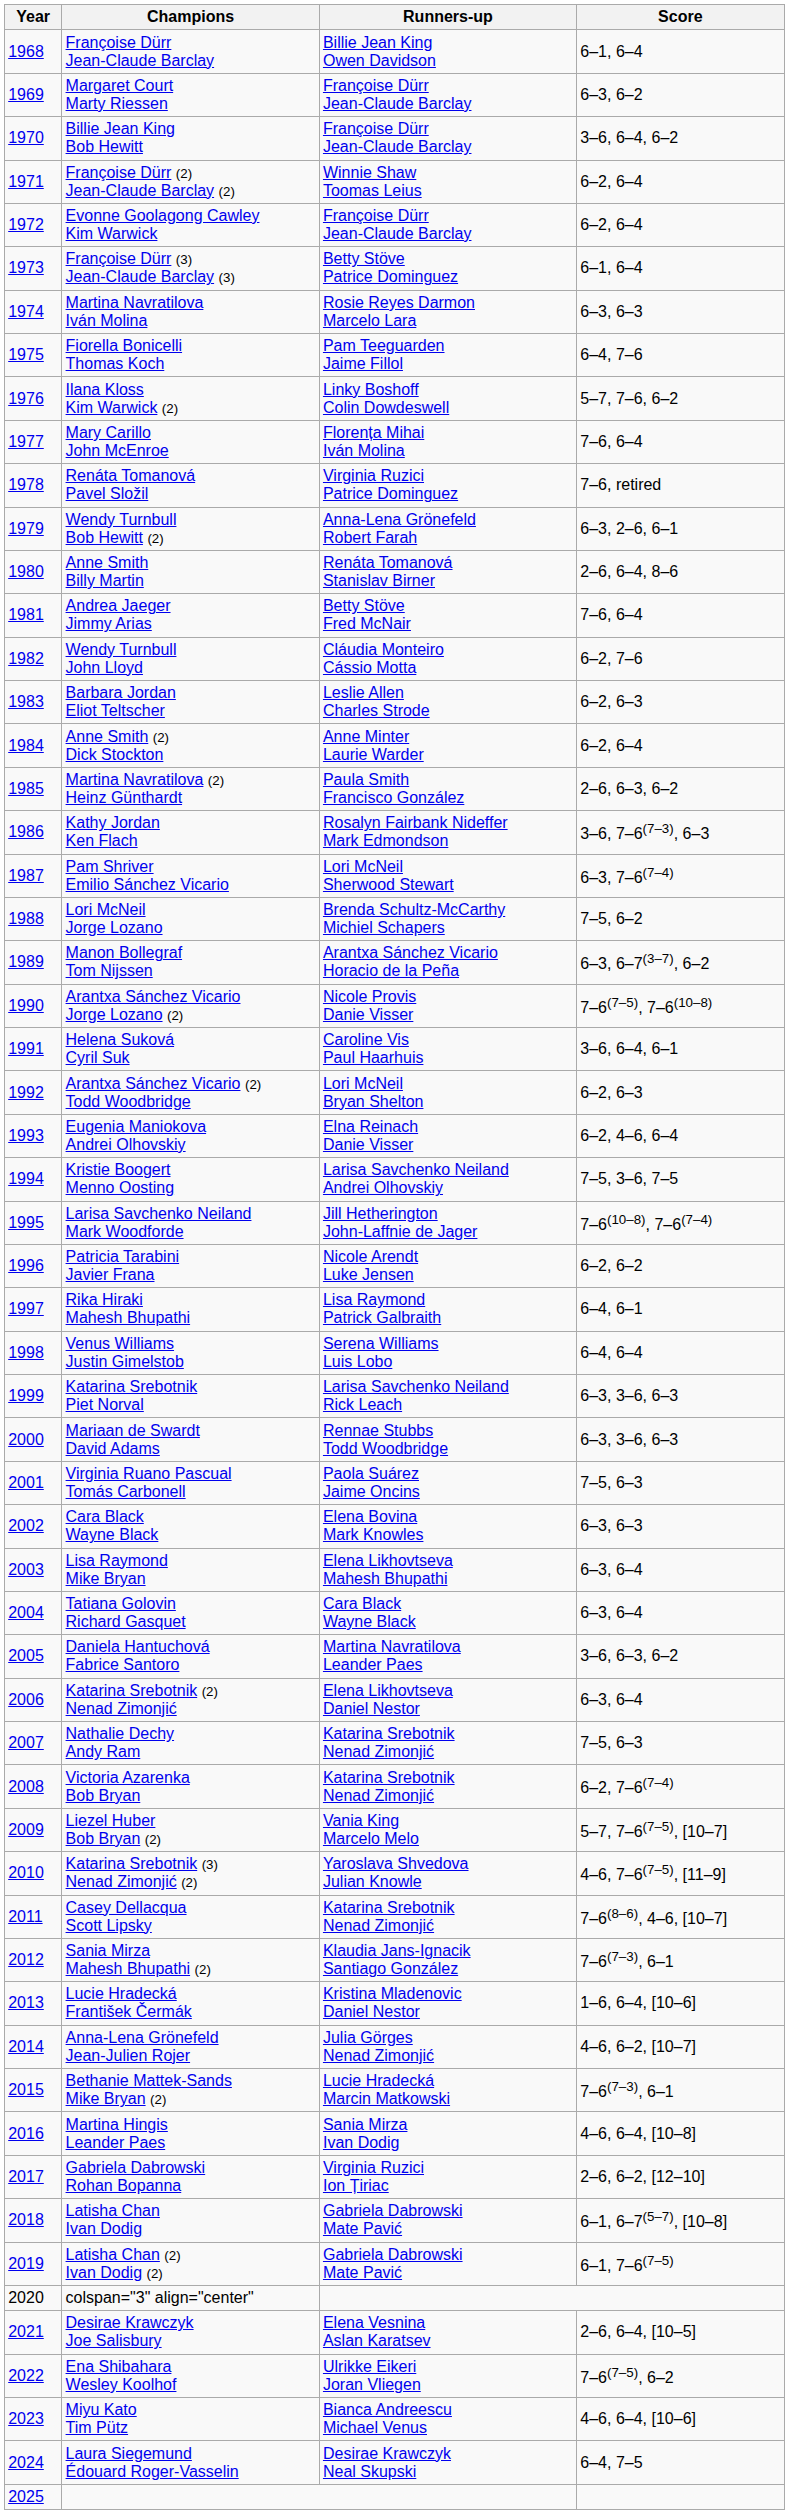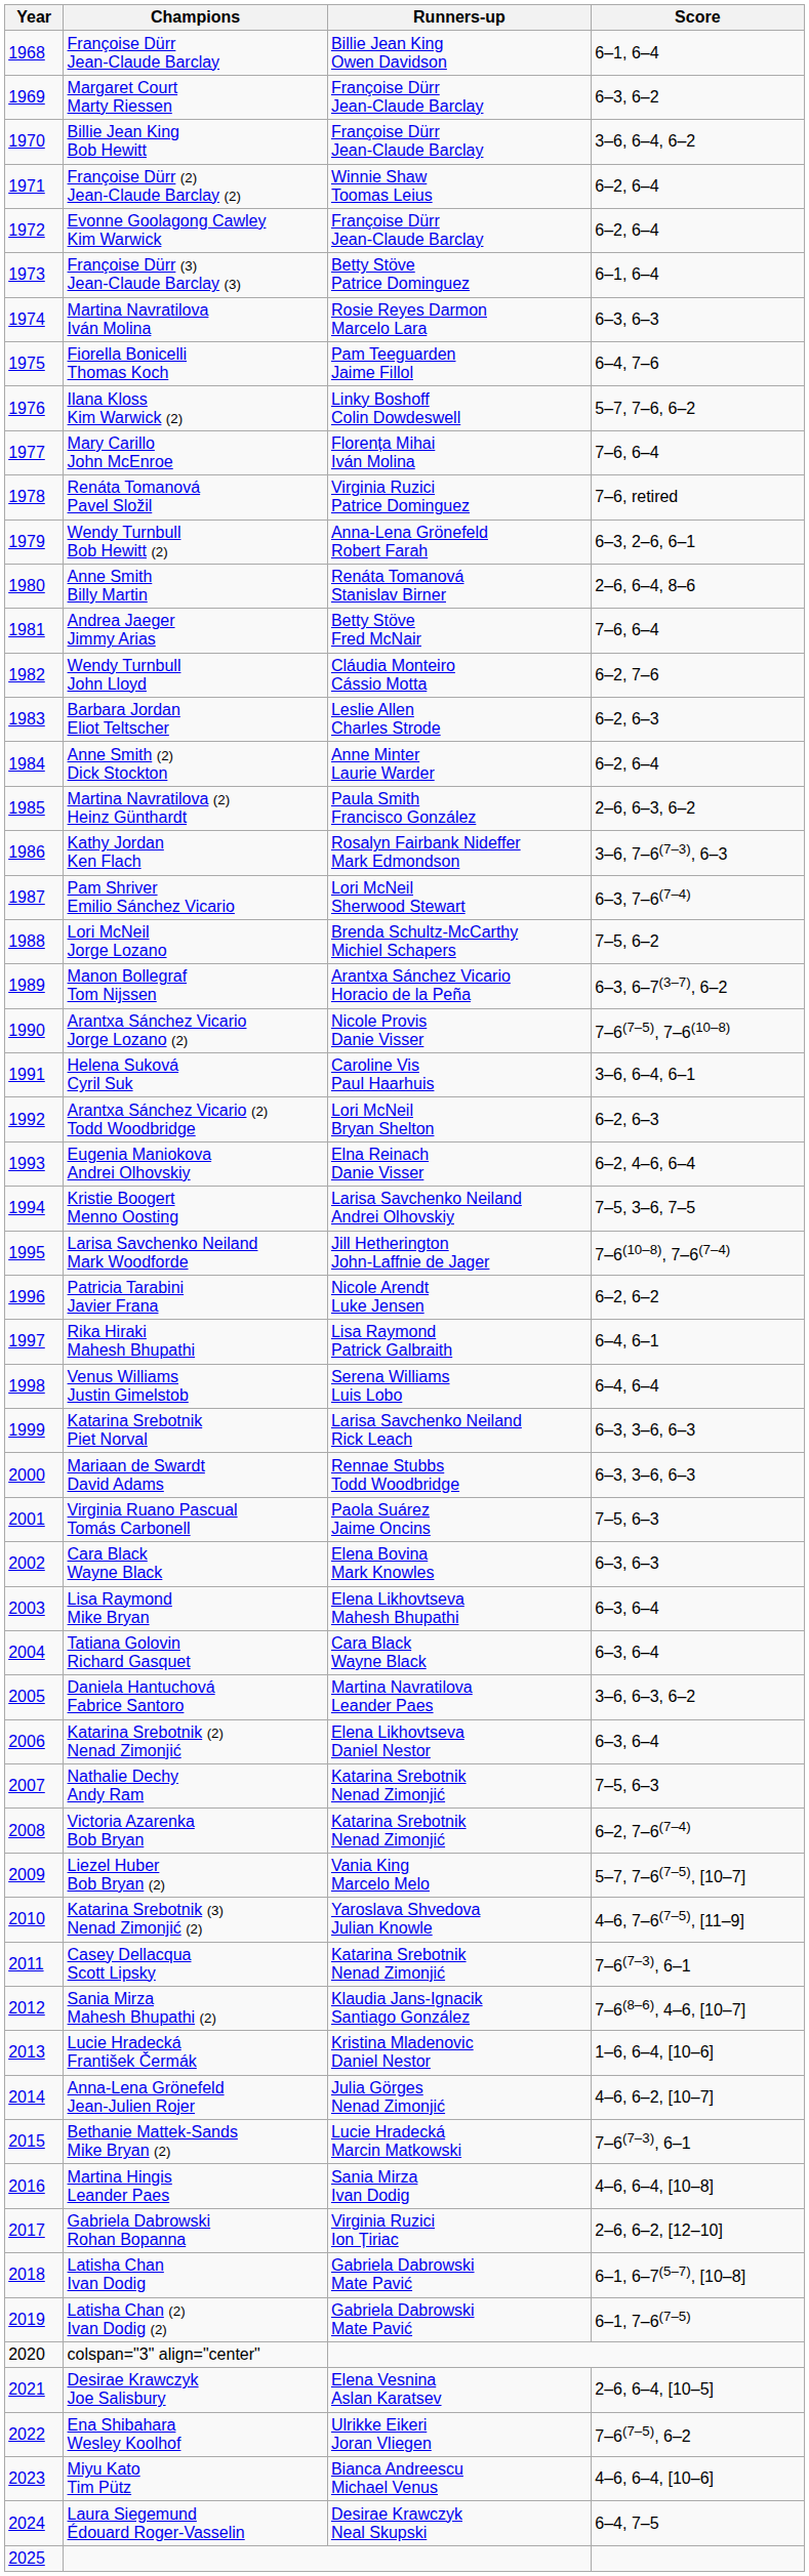 <table class="wikitable sortable">
 <tr>
 <th width=50>Year</th>
 <th width="250">Champions</th>
 <th width="250">Runners-up</th>
 <th width="200" class=unsortable>Score</th>
 </tr>
 <tr>
 <td><a href='#'>1968</a></td>
 <td> <a href='#'>Françoise Dürr</a> <br>  <a href='#'>Jean-Claude Barclay</a></td>
 <td> <a href='#'>Billie Jean King</a> <br>  <a href='#'>Owen Davidson</a></td>
 <td>6–1, 6–4</td>
 </tr>
 <tr>
 <td><a href='#'>1969</a></td>
 <td> <a href='#'>Margaret Court</a> <br>  <a href='#'>Marty Riessen</a></td>
 <td> <a href='#'>Françoise Dürr</a> <br>  <a href='#'>Jean-Claude Barclay</a></td>
 <td>6–3, 6–2</td>
 </tr>
 <tr>
 <td><a href='#'>1970</a></td>
 <td> <a href='#'>Billie Jean King</a> <br>  <a href='#'>Bob Hewitt</a></td>
 <td> <a href='#'>Françoise Dürr</a> <br>  <a href='#'>Jean-Claude Barclay</a></td>
 <td>3–6, 6–4, 6–2</td>
 </tr>
 <tr>
 <td><a href='#'>1971</a></td>
 <td> <a href='#'>Françoise Dürr</a> <small>(2)</small> <br>  <a href='#'>Jean-Claude Barclay</a> <small>(2)</small></td>
 <td>   <a href='#'>Winnie Shaw</a> <br>  <a href='#'>Toomas Leius</a></td>
 <td>6–2, 6–4</td>
 </tr>
 <tr>
 <td><a href='#'>1972</a></td>
 <td> <a href='#'>Evonne Goolagong Cawley</a> <br>  <a href='#'>Kim Warwick</a></td>
 <td> <a href='#'>Françoise Dürr</a> <br>  <a href='#'>Jean-Claude Barclay</a></td>
 <td>6–2, 6–4</td>
 </tr>
 <tr>
 <td><a href='#'>1973</a></td>
 <td> <a href='#'>Françoise Dürr</a> <small>(3)</small> <br>  <a href='#'>Jean-Claude Barclay</a> <small>(3)</small></td>
 <td>  <a href='#'>Betty Stöve</a> <br>  <a href='#'>Patrice Dominguez</a></td>
 <td>6–1, 6–4</td>
 </tr>
 <tr>
 <td><a href='#'>1974</a></td>
 <td> <a href='#'>Martina Navratilova</a> <br>  <a href='#'>Iván Molina</a></td>
 <td> <a href='#'>Rosie Reyes Darmon</a> <br>  <a href='#'>Marcelo Lara</a></td>
 <td>6–3, 6–3</td>
 </tr>
 <tr>
 <td><a href='#'>1975</a></td>
 <td> <a href='#'>Fiorella Bonicelli</a> <br>  <a href='#'>Thomas Koch</a></td>
 <td> <a href='#'>Pam Teeguarden</a> <br>  <a href='#'>Jaime Fillol</a></td>
 <td>6–4, 7–6</td>
 </tr>
 <tr>
 <td><a href='#'>1976</a></td>
 <td> <a href='#'>Ilana Kloss</a> <br>  <a href='#'>Kim Warwick</a> <small>(2)</small></td>
 <td> <a href='#'>Linky Boshoff</a> <br>   <a href='#'>Colin Dowdeswell</a></td>
 <td>5–7, 7–6, 6–2</td>
 </tr>
 <tr>
 <td><a href='#'>1977</a></td>
 <td> <a href='#'>Mary Carillo</a> <br>  <a href='#'>John McEnroe</a></td>
 <td> <a href='#'>Florența Mihai</a> <br>  <a href='#'>Iván Molina</a></td>
 <td>7–6, 6–4</td>
 </tr>
 <tr>
 <td><a href='#'>1978</a></td>
 <td> <a href='#'>Renáta Tomanová</a> <br>  <a href='#'>Pavel Složil</a></td>
 <td> <a href='#'>Virginia Ruzici</a> <br>  <a href='#'>Patrice Dominguez</a></td>
 <td>7–6, retired</td>
 </tr>
 <tr>
 <td><a href='#'>1979</a></td>
 <td> <a href='#'>Wendy Turnbull</a> <br>  <a href='#'>Bob Hewitt</a> <small>(2)</small></td>
 <td> <a href='#'>Anna-Lena Grönefeld</a><br> <a href='#'>Robert Farah</a></td>
 <td>6–3, 2–6, 6–1</td>
 </tr>
 <tr>
 <td><a href='#'>1980</a></td>
 <td> <a href='#'>Anne Smith</a> <br>  <a href='#'>Billy Martin</a></td>
 <td> <a href='#'>Renáta Tomanová</a> <br>  <a href='#'>Stanislav Birner</a></td>
 <td>2–6, 6–4, 8–6</td>
 </tr>
 <tr>
 <td><a href='#'>1981</a></td>
 <td> <a href='#'>Andrea Jaeger</a> <br>  <a href='#'>Jimmy Arias</a></td>
 <td>  <a href='#'>Betty Stöve</a> <br>  <a href='#'>Fred McNair</a></td>
 <td>7–6, 6–4</td>
 </tr>
 <tr>
 <td><a href='#'>1982</a></td>
 <td> <a href='#'>Wendy Turnbull</a> <br>   <a href='#'>John Lloyd</a></td>
 <td> <a href='#'>Cláudia Monteiro</a> <br>  <a href='#'>Cássio Motta</a></td>
 <td>6–2, 7–6</td>
 </tr>
 <tr>
 <td><a href='#'>1983</a></td>
 <td> <a href='#'>Barbara Jordan</a> <br>  <a href='#'>Eliot Teltscher</a></td>
 <td> <a href='#'>Leslie Allen</a> <br>  <a href='#'>Charles Strode</a></td>
 <td>6–2, 6–3</td>
 </tr>
 <tr>
 <td><a href='#'>1984</a></td>
 <td> <a href='#'>Anne Smith</a> <small>(2)</small> <br>  <a href='#'>Dick Stockton</a></td>
 <td> <a href='#'>Anne Minter</a> <br>  <a href='#'>Laurie Warder</a></td>
 <td>6–2, 6–4</td>
 </tr>
 <tr>
 <td><a href='#'>1985</a></td>
 <td> <a href='#'>Martina Navratilova</a> <small>(2)</small> <br>  <a href='#'>Heinz Günthardt</a></td>
 <td> <a href='#'>Paula Smith</a> <br>  <a href='#'>Francisco González</a></td>
 <td>2–6, 6–3, 6–2</td>
 </tr>
 <tr>
 <td><a href='#'>1986</a></td>
 <td> <a href='#'>Kathy Jordan</a> <br>  <a href='#'>Ken Flach</a></td>
 <td> <a href='#'>Rosalyn Fairbank Nideffer</a> <br>  <a href='#'>Mark Edmondson</a></td>
 <td>3–6, 7–6<sup>(7–3)</sup>, 6–3</td>
 </tr>
 <tr>
 <td><a href='#'>1987</a></td>
 <td> <a href='#'>Pam Shriver</a> <br>  <a href='#'>Emilio Sánchez Vicario</a></td>
 <td> <a href='#'>Lori McNeil</a> <br>  <a href='#'>Sherwood Stewart</a></td>
 <td>6–3, 7–6<sup>(7–4)</sup></td>
 </tr>
 <tr>
 <td><a href='#'>1988</a></td>
 <td> <a href='#'>Lori McNeil</a> <br>  <a href='#'>Jorge Lozano</a></td>
 <td>  <a href='#'>Brenda Schultz-McCarthy</a> <br>   <a href='#'>Michiel Schapers</a></td>
 <td>7–5, 6–2</td>
 </tr>
 <tr>
 <td><a href='#'>1989</a></td>
 <td>  <a href='#'>Manon Bollegraf</a> <br>   <a href='#'>Tom Nijssen</a></td>
 <td> <a href='#'>Arantxa Sánchez Vicario</a> <br>   <a href='#'>Horacio de la Peña</a></td>
 <td>6–3, 6–7<sup>(3–7)</sup>, 6–2</td>
 </tr>
 <tr>
 <td><a href='#'>1990</a></td>
 <td> <a href='#'>Arantxa Sánchez Vicario</a> <br>  <a href='#'>Jorge Lozano</a> <small>(2)</small></td>
 <td> <a href='#'>Nicole Provis</a> <br>  <a href='#'>Danie Visser</a></td>
 <td>7–6<sup>(7–5)</sup>, 7–6<sup>(10–8)</sup></td>
 </tr>
 <tr>
 <td><a href='#'>1991</a></td>
 <td> <a href='#'>Helena Suková</a> <br>  <a href='#'>Cyril Suk</a></td>
 <td>  <a href='#'>Caroline Vis</a> <br>   <a href='#'>Paul Haarhuis</a></td>
 <td>3–6, 6–4, 6–1</td>
 </tr>
 <tr>
 <td><a href='#'>1992</a></td>
 <td> <a href='#'>Arantxa Sánchez Vicario</a> <small>(2)</small> <br>  <a href='#'>Todd Woodbridge</a></td>
 <td> <a href='#'>Lori McNeil</a> <br>  <a href='#'>Bryan Shelton</a></td>
 <td>6–2, 6–3</td>
 </tr>
 <tr>
 <td><a href='#'>1993</a></td>
 <td>  <a href='#'>Eugenia Maniokova</a> <br>   <a href='#'>Andrei Olhovskiy</a></td>
 <td> <a href='#'>Elna Reinach</a> <br>  <a href='#'>Danie Visser</a></td>
 <td>6–2, 4–6, 6–4</td>
 </tr>
 <tr>
 <td><a href='#'>1994</a></td>
 <td>  <a href='#'>Kristie Boogert</a> <br>   <a href='#'>Menno Oosting</a></td>
 <td> <a href='#'>Larisa Savchenko Neiland</a> <br>   <a href='#'>Andrei Olhovskiy</a></td>
 <td>7–5, 3–6, 7–5</td>
 </tr>
 <tr>
 <td><a href='#'>1995</a></td>
 <td> <a href='#'>Larisa Savchenko Neiland</a> <br>  <a href='#'>Mark Woodforde</a></td>
 <td> <a href='#'>Jill Hetherington</a> <br>  <a href='#'>John-Laffnie de Jager</a></td>
 <td>7–6<sup>(10–8)</sup>, 7–6<sup>(7–4)</sup></td>
 </tr>
 <tr>
 <td><a href='#'>1996</a></td>
 <td>  <a href='#'>Patricia Tarabini</a> <br>   <a href='#'>Javier Frana</a></td>
 <td> <a href='#'>Nicole Arendt</a> <br>  <a href='#'>Luke Jensen</a></td>
 <td>6–2, 6–2</td>
 </tr>
 <tr>
 <td><a href='#'>1997</a></td>
 <td> <a href='#'>Rika Hiraki</a> <br>  <a href='#'>Mahesh Bhupathi</a></td>
 <td> <a href='#'>Lisa Raymond</a> <br>  <a href='#'>Patrick Galbraith</a></td>
 <td>6–4, 6–1</td>
 </tr>
 <tr>
 <td><a href='#'>1998</a></td>
 <td> <a href='#'>Venus Williams</a> <br>  <a href='#'>Justin Gimelstob</a></td>
 <td> <a href='#'>Serena Williams</a> <br>   <a href='#'>Luis Lobo</a></td>
 <td>6–4, 6–4</td>
 </tr>
 <tr>
 <td><a href='#'>1999</a></td>
 <td> <a href='#'>Katarina Srebotnik</a> <br>  <a href='#'>Piet Norval</a></td>
 <td> <a href='#'>Larisa Savchenko Neiland</a> <br>  <a href='#'>Rick Leach</a></td>
 <td>6–3, 3–6, 6–3</td>
 </tr>
 <tr>
 <td><a href='#'>2000</a></td>
 <td> <a href='#'>Mariaan de Swardt</a> <br>  <a href='#'>David Adams</a></td>
 <td> <a href='#'>Rennae Stubbs</a> <br>  <a href='#'>Todd Woodbridge</a></td>
 <td>6–3, 3–6, 6–3</td>
 </tr>
 <tr>
 <td><a href='#'>2001</a></td>
 <td> <a href='#'>Virginia Ruano Pascual</a> <br>  <a href='#'>Tomás Carbonell</a></td>
 <td>  <a href='#'>Paola Suárez</a> <br>  <a href='#'>Jaime Oncins</a></td>
 <td>7–5, 6–3</td>
 </tr>
 <tr>
 <td><a href='#'>2002</a></td>
 <td> <a href='#'>Cara Black</a> <br>  <a href='#'>Wayne Black</a></td>
 <td>  <a href='#'>Elena Bovina</a> <br>  <a href='#'>Mark Knowles</a></td>
 <td>6–3, 6–3</td>
 </tr>
 <tr>
 <td><a href='#'>2003</a></td>
 <td> <a href='#'>Lisa Raymond</a> <br>  <a href='#'>Mike Bryan</a></td>
 <td>  <a href='#'>Elena Likhovtseva</a> <br>  <a href='#'>Mahesh Bhupathi</a></td>
 <td>6–3, 6–4</td>
 </tr>
 <tr>
 <td><a href='#'>2004</a></td>
 <td> <a href='#'>Tatiana Golovin</a> <br>  <a href='#'>Richard Gasquet</a></td>
 <td> <a href='#'>Cara Black</a> <br>  <a href='#'>Wayne Black</a></td>
 <td>6–3, 6–4</td>
 </tr>
 <tr>
 <td><a href='#'>2005</a></td>
 <td> <a href='#'>Daniela Hantuchová</a> <br>  <a href='#'>Fabrice Santoro</a></td>
 <td> <a href='#'>Martina Navratilova</a> <br>  <a href='#'>Leander Paes</a></td>
 <td>3–6, 6–3, 6–2</td>
 </tr>
 <tr>
 <td><a href='#'>2006</a></td>
 <td> <a href='#'>Katarina Srebotnik</a> <small>(2)</small> <br>  <a href='#'>Nenad Zimonjić</a></td>
 <td>  <a href='#'>Elena Likhovtseva</a> <br>  <a href='#'>Daniel Nestor</a></td>
 <td>6–3, 6–4</td>
 </tr>
 <tr>
 <td><a href='#'>2007</a></td>
 <td> <a href='#'>Nathalie Dechy</a> <br>  <a href='#'>Andy Ram</a></td>
 <td> <a href='#'>Katarina Srebotnik</a> <br>  <a href='#'>Nenad Zimonjić</a></td>
 <td>7–5, 6–3</td>
 </tr>
 <tr>
 <td><a href='#'>2008</a></td>
 <td> <a href='#'>Victoria Azarenka</a> <br>  <a href='#'>Bob Bryan</a></td>
 <td> <a href='#'>Katarina Srebotnik</a> <br>  <a href='#'>Nenad Zimonjić</a></td>
 <td>6–2, 7–6<sup>(7–4)</sup></td>
 </tr>
 <tr>
 <td><a href='#'>2009</a></td>
 <td> <a href='#'>Liezel Huber</a> <br>  <a href='#'>Bob Bryan</a> <small>(2)</small></td>
 <td> <a href='#'>Vania King</a> <br>  <a href='#'>Marcelo Melo</a></td>
 <td>5–7, 7–6<sup>(7–5)</sup>, [10–7]</td>
 </tr>
 <tr>
 <td><a href='#'>2010</a></td>
 <td> <a href='#'>Katarina Srebotnik</a> <small>(3)</small> <br>  <a href='#'>Nenad Zimonjić</a> <small>(2)</small></td>
 <td> <a href='#'>Yaroslava Shvedova</a><br> <a href='#'>Julian Knowle</a></td>
 <td>4–6, 7–6<sup>(7–5)</sup>, [11–9]</td>
 </tr>
 <tr>
 <td><a href='#'>2011</a></td>
 <td> <a href='#'>Casey Dellacqua</a> <br>  <a href='#'>Scott Lipsky</a></td>
 <td> <a href='#'>Katarina Srebotnik</a> <br>  <a href='#'>Nenad Zimonjić</a></td>
-<td>7–6<sup>(8–6)</sup>, 4–6, [10–7]</td>
+<td>7–6<sup>(7–3)</sup>, 6–1</td>
 </tr>
 <tr>
 <td><a href='#'>2012</a></td>
 <td> <a href='#'>Sania Mirza</a> <br>  <a href='#'>Mahesh Bhupathi</a> <small>(2)</small></td>
 <td> <a href='#'>Klaudia Jans-Ignacik</a> <br>  <a href='#'>Santiago González</a></td>
-<td>7–6<sup>(7–3)</sup>, 6–1</td>
+<td>7–6<sup>(8–6)</sup>, 4–6, [10–7]</td>
 </tr>
 <tr>
 <td><a href='#'>2013</a></td>
 <td> <a href='#'>Lucie Hradecká</a> <br>  <a href='#'>František Čermák</a></td>
 <td> <a href='#'>Kristina Mladenovic</a> <br>  <a href='#'>Daniel Nestor</a></td>
 <td>1–6, 6–4, [10–6]</td>
 </tr>
 <tr>
 <td><a href='#'>2014</a></td>
 <td> <a href='#'>Anna-Lena Grönefeld</a><br> <a href='#'>Jean-Julien Rojer</a></td>
 <td> <a href='#'>Julia Görges</a><br> <a href='#'>Nenad Zimonjić</a></td>
 <td>4–6, 6–2, [10–7]</td>
 </tr>
 <tr>
 <td><a href='#'>2015</a></td>
 <td> <a href='#'>Bethanie Mattek-Sands</a><br>  <a href='#'>Mike Bryan</a> <small>(2)</small></td>
 <td> <a href='#'>Lucie Hradecká</a><br>  <a href='#'>Marcin Matkowski</a></td>
 <td>7–6<sup>(7–3)</sup>, 6–1</td>
 </tr>
 <tr>
 <td><a href='#'>2016</a></td>
 <td> <a href='#'>Martina Hingis</a><br>  <a href='#'>Leander Paes</a></td>
 <td> <a href='#'>Sania Mirza</a><br>  <a href='#'>Ivan Dodig</a></td>
 <td>4–6, 6–4, [10–8]</td>
 </tr>
 <tr>
 <td><a href='#'>2017</a></td>
 <td> <a href='#'>Gabriela Dabrowski</a><br> <a href='#'>Rohan Bopanna</a></td>
 <td> <a href='#'>Virginia Ruzici</a> <br>  <a href='#'>Ion Țiriac</a></td>
 <td>2–6, 6–2, [12–10]</td>
 </tr>
 <tr>
 <td><a href='#'>2018</a></td>
 <td> <a href='#'>Latisha Chan</a><br> <a href='#'>Ivan Dodig</a></td>
 <td> <a href='#'>Gabriela Dabrowski</a><br> <a href='#'>Mate Pavić</a></td>
 <td>6–1, 6–7<sup>(5–7)</sup>, [10–8]</td>
 </tr>
 <tr>
 <td><a href='#'>2019</a></td>
 <td> <a href='#'>Latisha Chan</a> <small>(2)</small> <br> <a href='#'>Ivan Dodig</a> <small>(2)</small></td>
 <td> <a href='#'>Gabriela Dabrowski</a><br> <a href='#'>Mate Pavić</a></td>
 <td>6–1, 7–6<sup>(7–5)</sup></td>
 </tr>
 <tr>
 <td>2020</td>
 <td>colspan="3" align="center" </td>
 </tr>
 <tr>
 <td><a href='#'>2021</a></td>
 <td> <a href='#'>Desirae Krawczyk</a> <br>  <a href='#'>Joe Salisbury</a></td>
 <td> <a href='#'>Elena Vesnina</a> <br>  <a href='#'>Aslan Karatsev</a></td>
 <td>2–6, 6–4, [10–5]</td>
 </tr>
 <tr>
 <td><a href='#'>2022</a></td>
 <td> <a href='#'>Ena Shibahara</a> <br>  <a href='#'>Wesley Koolhof</a></td>
 <td> <a href='#'>Ulrikke Eikeri</a> <br>  <a href='#'>Joran Vliegen</a></td>
 <td>7–6<sup>(7–5)</sup>, 6–2</td>
 </tr>
 <tr>
 <td><a href='#'>2023</a></td>
 <td> <a href='#'>Miyu Kato</a> <br>  <a href='#'>Tim Pütz</a></td>
 <td> <a href='#'>Bianca Andreescu</a> <br>  <a href='#'>Michael Venus</a></td>
 <td>4–6, 6–4, [10–6]</td>
 </tr>
 <tr>
 <td><a href='#'>2024</a></td>
 <td> <a href='#'>Laura Siegemund</a> <br>  <a href='#'>Édouard Roger-Vasselin</a></td>
 <td> <a href='#'>Desirae Krawczyk</a> <br>  <a href='#'>Neal Skupski</a></td>
 <td>6–4, 7–5</td>
 </tr>
 <tr>
 <td><a href='#'>2025</a></td>
 <td colspan=2></td>
 <td></td>
 </tr>
 </table>
